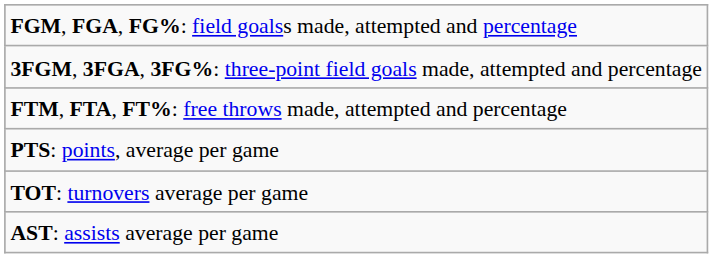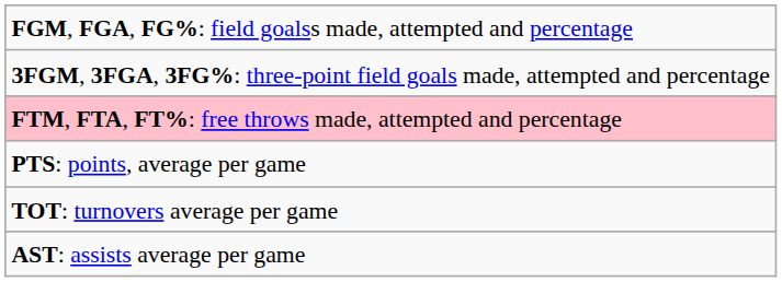 <table style="margin:auto;"  class="wikitable">
 <tr>
 <td><small><strong>FGM</strong>, <strong>FGA</strong>, <strong>FG%</strong>: <a href='#'>field goals</a>s made, attempted and <a href='#'>percentage</a></small></td>
 </tr>
 <tr>
 <td><small><strong>3FGM</strong>, <strong>3FGA</strong>, <strong>3FG%</strong>: <a href='#'>three-point field goals</a> made, attempted and percentage</small></td>
 </tr>
 <tr>
-<td><small><strong>FTM</strong>, <strong>FTA</strong>, <strong>FT%</strong>: <a href='#'>free throws</a> made, attempted and percentage</small></td>
+<td style="background: pink;"><small><strong>FTM</strong>, <strong>FTA</strong>, <strong>FT%</strong>: <a href='#'>free throws</a> made, attempted and percentage</small></td>
 </tr>
 <tr>
 <td><small> <strong>PTS</strong>: <a href='#'>points</a>, average per game</small></td>
 </tr>
 <tr>
 <td><small><strong>TOT</strong>: <a href='#'>turnovers</a> average per game</small></td>
 </tr>
 <tr>
 <td><small><strong>AST</strong>: <a href='#'>assists</a> average per game</small></td>
 </tr>
 </table>
